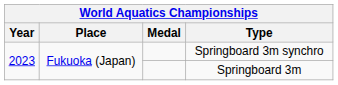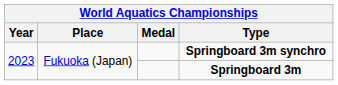 <table class="wikitable center col2izq" style="text-align:center;width:445px;">
 <tr>
 <th colspan="4"><a href='#'>World Aquatics Championships</a></th>
 </tr>
 <tr>
 <th>Year</th>
 <th>Place</th>
 <th>Medal</th>
 <th>Type</th>
 </tr>
 <tr>
 <td rowspan=2><a href='#'>2023</a></td>
 <td rowspan=2><a href='#'>Fukuoka</a> (Japan)</td>
 <td></td>
-<td>Springboard 3m synchro</td>
+<td><strong>Springboard 3m synchro</strong></td>
 </tr>
 <tr>
 <td></td>
-<td>Springboard 3m</td>
+<td><strong>Springboard 3m</strong></td>
 </tr>
 </table>
